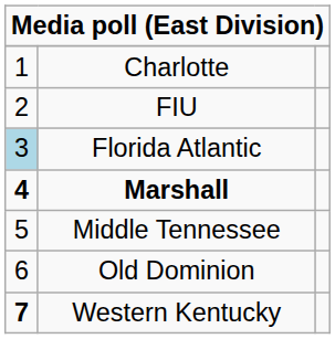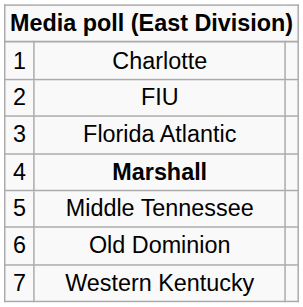 <table class="wikitable" style="display: inline-table;">
 <tr>
 <td align="center" Colspan="3"><strong>Media poll (East Division)</strong></td>
 </tr>
 <tr align="center">
 </tr>
 <tr align="center">
 <td>1</td>
 <td>Charlotte</td>
 <td></td>
 </tr>
 <tr align="center">
 <td>2</td>
 <td>FIU</td>
 <td></td>
 </tr>
 <tr align="center">
-<td style="background: lightblue;">3</td>
+<td>3</td>
 <td>Florida Atlantic</td>
 <td></td>
 </tr>
 <tr align="center">
-<td><strong>4</strong></td>
+<td>4</td>
 <td><strong>Marshall</strong></td>
 <td></td>
 </tr>
 <tr align="center">
 <td>5</td>
 <td>Middle Tennessee</td>
 <td></td>
 </tr>
 <tr align="center">
 <td>6</td>
 <td>Old Dominion</td>
 <td></td>
 </tr>
 <tr align="center">
-<td><strong>7</strong></td>
+<td>7</td>
 <td>Western Kentucky</td>
 <td></td>
 </tr>
 </table>
